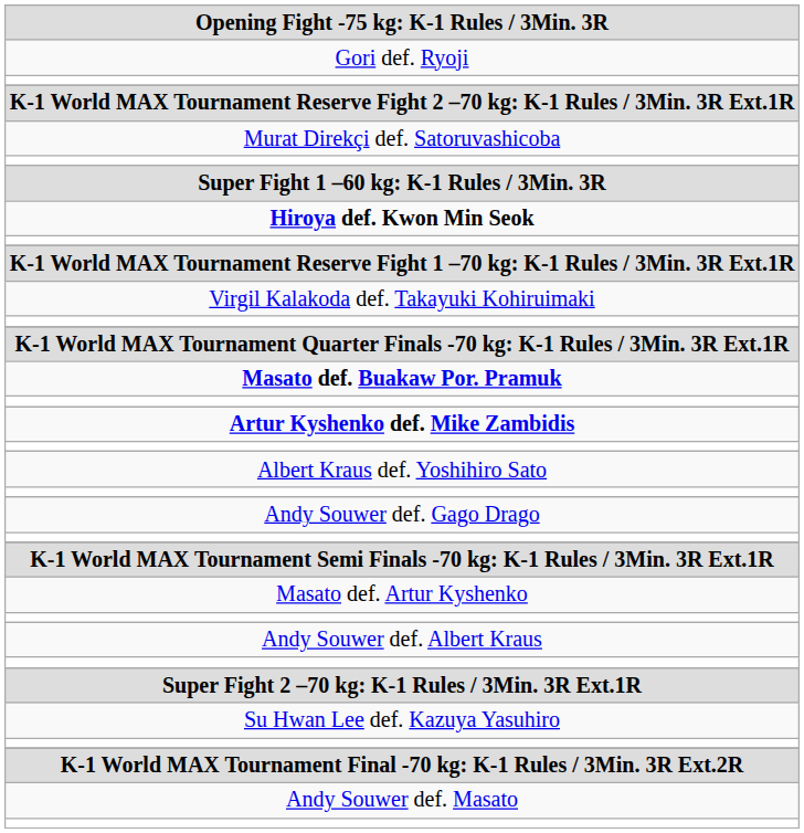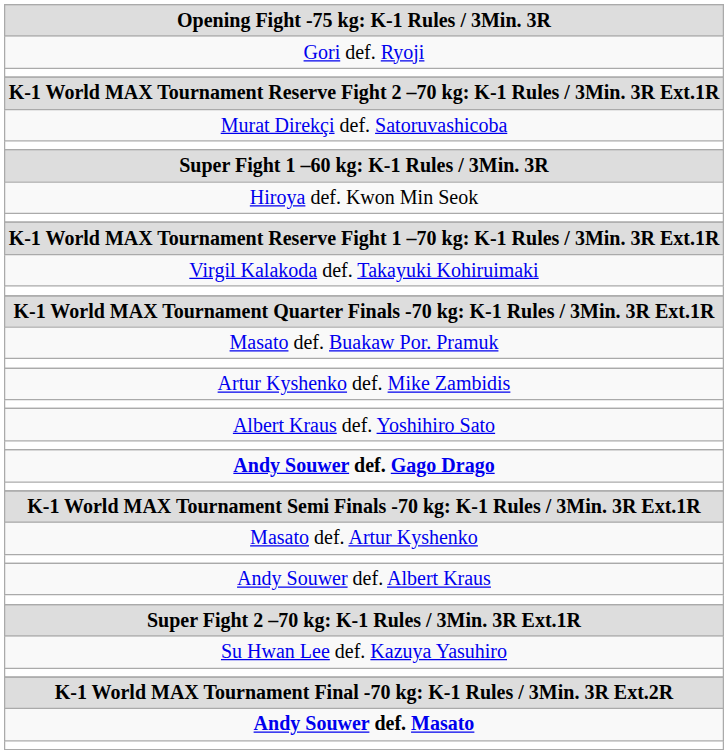 <table class="wikitable" style="clear:both; margin:1.5em auto; text-align:center;">
 <tr>
 </tr>
 <tr align="center"  bgcolor="#dddddd">
 <td><strong>Opening Fight -75 kg: K-1 Rules / 3Min. 3R</strong></td>
 </tr>
 <tr align="center"  bgcolor=>
 <td align=center> <a href='#'>Gori</a> def. <a href='#'>Ryoji</a> </td>
 </tr>
 <tr>
 <th style=background:white colspan=2></th>
 </tr>
 <tr>
 </tr>
 <tr align="center"  bgcolor="#dddddd">
 <td><strong>K-1 World MAX Tournament Reserve Fight 2 –70 kg: K-1 Rules / 3Min. 3R Ext.1R</strong></td>
 </tr>
 <tr align="center"  bgcolor=>
 <td align=center> <a href='#'>Murat Direkçi</a> def. <a href='#'>Satoruvashicoba</a> </td>
 </tr>
 <tr>
 <th style=background:white colspan=2></th>
 </tr>
 <tr>
 </tr>
 <tr align="center"  bgcolor="#dddddd">
 <td><strong>Super Fight 1 –60 kg: K-1 Rules / 3Min. 3R</strong></td>
 </tr>
 <tr align="center"  bgcolor=>
-<td align=center><strong> <a href='#'>Hiroya</a> def. Kwon Min Seok </strong></td>
+<td align=center> <a href='#'>Hiroya</a> def. Kwon Min Seok </td>
 </tr>
 <tr>
 <th style=background:white colspan=2></th>
 </tr>
 <tr>
 </tr>
 <tr align="center"  bgcolor="#dddddd">
 <td><strong>K-1 World MAX Tournament Reserve Fight 1 –70 kg: K-1 Rules / 3Min. 3R Ext.1R</strong></td>
 </tr>
 <tr align="center"  bgcolor=>
 <td align=center> <a href='#'>Virgil Kalakoda</a> def. <a href='#'>Takayuki Kohiruimaki</a> </td>
 </tr>
 <tr>
 <th style=background:white colspan=2></th>
 </tr>
 <tr>
 </tr>
 <tr align="center"  bgcolor="#dddddd">
 <td><strong>K-1 World MAX Tournament Quarter Finals -70 kg: K-1 Rules / 3Min. 3R Ext.1R</strong></td>
 </tr>
 <tr align="center"  bgcolor=>
-<td align=center><strong> <a href='#'>Masato</a> def. <a href='#'>Buakaw Por. Pramuk</a> </strong></td>
+<td align=center> <a href='#'>Masato</a> def. <a href='#'>Buakaw Por. Pramuk</a> </td>
 </tr>
 <tr>
 <th style=background:white colspan=2></th>
 </tr>
 <tr>
 </tr>
 <tr align="center"  bgcolor=>
-<td align=center><strong> <a href='#'>Artur Kyshenko</a> def. <a href='#'>Mike Zambidis</a> </strong></td>
+<td align=center> <a href='#'>Artur Kyshenko</a> def. <a href='#'>Mike Zambidis</a> </td>
 </tr>
 <tr>
 <th style=background:white colspan=2></th>
 </tr>
 <tr>
 </tr>
 <tr align="center"  bgcolor=>
 <td align=center> <a href='#'>Albert Kraus</a> def. <a href='#'>Yoshihiro Sato</a> </td>
 </tr>
 <tr>
 <th style=background:white colspan=2></th>
 </tr>
 <tr>
 </tr>
 <tr align="center"  bgcolor=>
-<td align=center> <a href='#'>Andy Souwer</a> def. <a href='#'>Gago Drago</a> </td>
+<td align=center><strong> <a href='#'>Andy Souwer</a> def. <a href='#'>Gago Drago</a> </strong></td>
 </tr>
 <tr>
 <th style=background:white colspan=2></th>
 </tr>
 <tr>
 </tr>
 <tr align="center"  bgcolor="#dddddd">
 <td><strong>K-1 World MAX Tournament Semi Finals -70 kg: K-1 Rules / 3Min. 3R Ext.1R</strong></td>
 </tr>
 <tr align="center"  bgcolor=>
 <td align=center> <a href='#'>Masato</a> def. <a href='#'>Artur Kyshenko</a> </td>
 </tr>
 <tr>
 <th style=background:white colspan=2></th>
 </tr>
 <tr>
 </tr>
 <tr align="center"  bgcolor=>
 <td align=center> <a href='#'>Andy Souwer</a> def. <a href='#'>Albert Kraus</a> </td>
 </tr>
 <tr>
 <th style=background:white colspan=2></th>
 </tr>
 <tr>
 </tr>
 <tr align="center"  bgcolor="#dddddd">
 <td><strong>Super Fight 2 –70 kg: K-1 Rules / 3Min. 3R Ext.1R</strong></td>
 </tr>
 <tr align="center"  bgcolor=>
 <td align=center> <a href='#'>Su Hwan Lee</a> def. <a href='#'>Kazuya Yasuhiro</a> </td>
 </tr>
 <tr>
 <th style=background:white colspan=2></th>
 </tr>
 <tr>
 </tr>
 <tr align="center"  bgcolor="#dddddd">
 <td><strong>K-1 World MAX Tournament Final -70 kg: K-1 Rules / 3Min. 3R Ext.2R</strong></td>
 </tr>
 <tr align="center"  bgcolor=>
-<td align=center> <a href='#'>Andy Souwer</a> def. <a href='#'>Masato</a> </td>
+<td align=center><strong> <a href='#'>Andy Souwer</a> def. <a href='#'>Masato</a> </strong></td>
 </tr>
 <tr>
 <th style=background:white colspan=2></th>
 </tr>
 <tr>
 </tr>
 </table>
